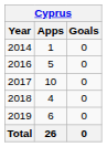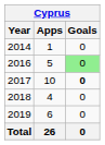 <table class="wikitable" style="text-align:center">
 <tr>
 <th colspan="3"><a href='#'>Cyprus</a></th>
 </tr>
 <tr>
 <th>Year</th>
 <th>Apps</th>
 <th>Goals</th>
 </tr>
 <tr>
 <td>2014</td>
 <td>1</td>
 <td>0</td>
 </tr>
 <tr>
 <td>2016</td>
 <td>5</td>
-<td>0</td>
+<td style="background: lightgreen;">0</td>
 </tr>
 <tr>
 <td>2017</td>
 <td>10</td>
-<td>0</td>
+<td><strong>0</strong></td>
 </tr>
 <tr>
 <td>2018</td>
 <td>4</td>
 <td>0</td>
 </tr>
 <tr>
 <td>2019</td>
 <td>6</td>
 <td>0</td>
 </tr>
 <tr>
 <th>Total</th>
 <th>26</th>
 <th>0</th>
 </tr>
 </table>
